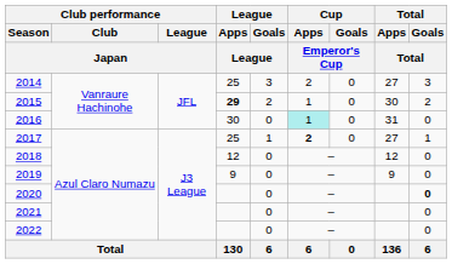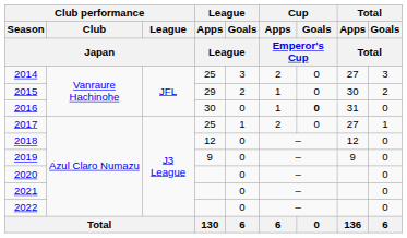 <table class="wikitable" style="text-align:center;">
 <tr>
 <th colspan=3>Club performance</th>
 <th colspan=2>League</th>
 <th colspan=2>Cup</th>
 <th colspan=2>Total</th>
 </tr>
 <tr>
 <th>Season</th>
 <th>Club</th>
 <th>League</th>
 <th>Apps</th>
 <th>Goals</th>
 <th>Apps</th>
 <th>Goals</th>
 <th>Apps</th>
 <th>Goals</th>
 </tr>
 <tr>
 <th colspan=3>Japan</th>
 <th colspan=2>League</th>
 <th colspan=2><a href='#'>Emperor's Cup</a></th>
 <th colspan=2>Total</th>
 </tr>
 <tr>
 <td><a href='#'>2014</a></td>
 <td rowspan="3"><a href='#'>Vanraure Hachinohe</a></td>
 <td rowspan="3"><a href='#'>JFL</a></td>
 <td>25</td>
 <td>3</td>
 <td>2</td>
 <td>0</td>
 <td>27</td>
 <td>3</td>
 </tr>
 <tr>
 <td><a href='#'>2015</a></td>
-<td><strong>29</strong></td>
+<td>29</td>
 <td>2</td>
 <td>1</td>
 <td>0</td>
 <td>30</td>
 <td>2</td>
 </tr>
 <tr>
 <td><a href='#'>2016</a></td>
 <td>30</td>
 <td>0</td>
-<td style="background: paleturquoise;">1</td>
-<td>0</td>
+<td>1</td>
+<td><strong>0</strong></td>
 <td>31</td>
 <td>0</td>
 </tr>
 <tr>
 <td><a href='#'>2017</a></td>
 <td rowspan="6"><a href='#'>Azul Claro Numazu</a></td>
 <td rowspan="6"><a href='#'>J3 League</a></td>
 <td>25</td>
 <td>1</td>
-<td><strong>2</strong></td>
+<td>2</td>
 <td>0</td>
 <td>27</td>
 <td>1</td>
 </tr>
 <tr>
 <td><a href='#'>2018</a></td>
 <td>12</td>
 <td>0</td>
 <td colspan="2">–</td>
 <td>12</td>
 <td>0</td>
 </tr>
 <tr>
 <td><a href='#'>2019</a></td>
 <td>9</td>
 <td>0</td>
 <td colspan="2">–</td>
 <td>9</td>
 <td>0</td>
 </tr>
 <tr>
 <td><a href='#'>2020</a></td>
 <td></td>
 <td>0</td>
 <td colspan="2">–</td>
 <td></td>
-<td><strong>0</strong></td>
+<td>0</td>
 </tr>
 <tr>
 <td><a href='#'>2021</a></td>
 <td></td>
 <td>0</td>
 <td colspan="2">–</td>
 <td></td>
 <td>0</td>
 </tr>
 <tr>
 <td><a href='#'>2022</a></td>
 <td></td>
 <td>0</td>
 <td colspan="2">–</td>
 <td></td>
 <td>0</td>
 </tr>
 <tr>
 <th colspan=3>Total</th>
 <th>130</th>
 <th>6</th>
 <th>6</th>
 <th>0</th>
 <th>136</th>
 <th>6</th>
 </tr>
 </table>
